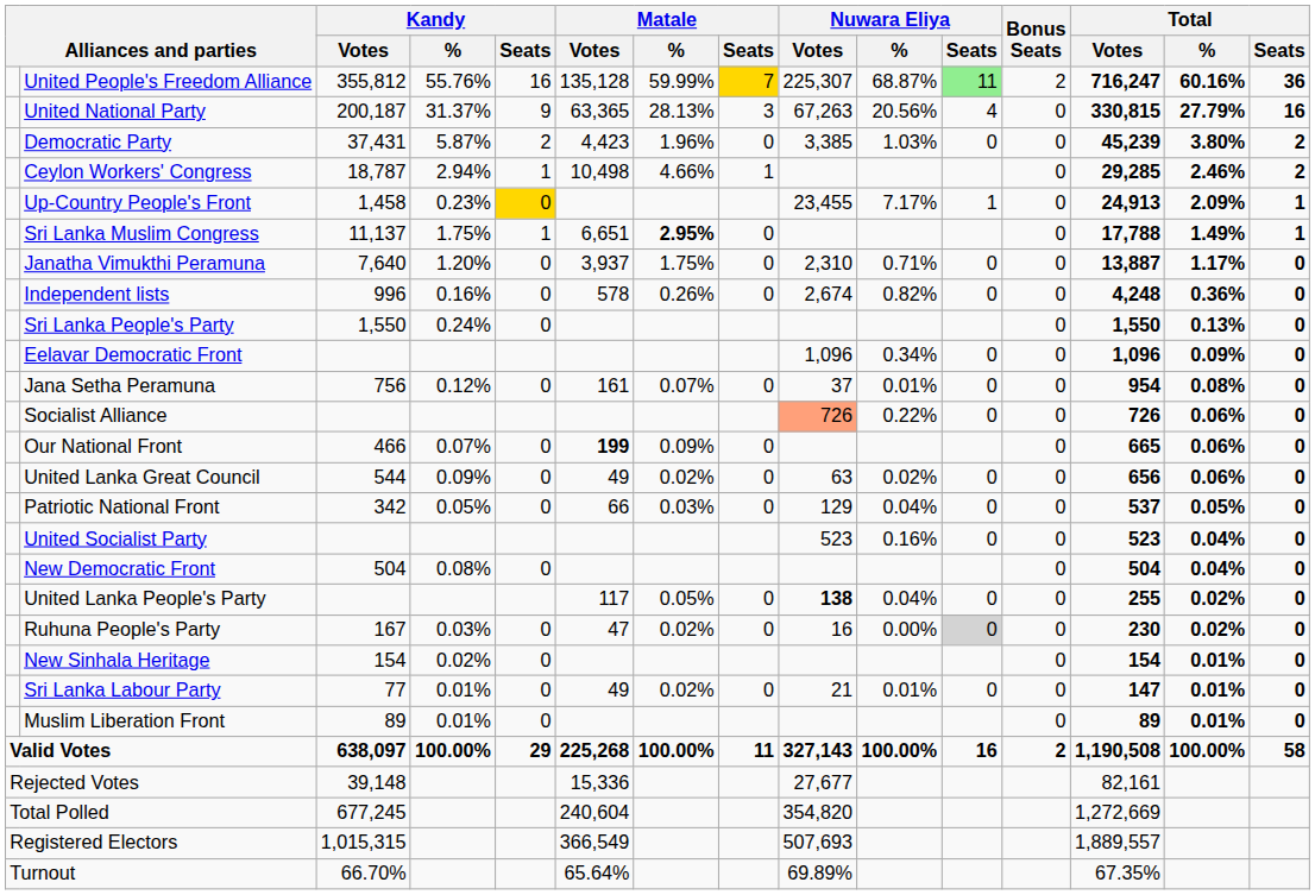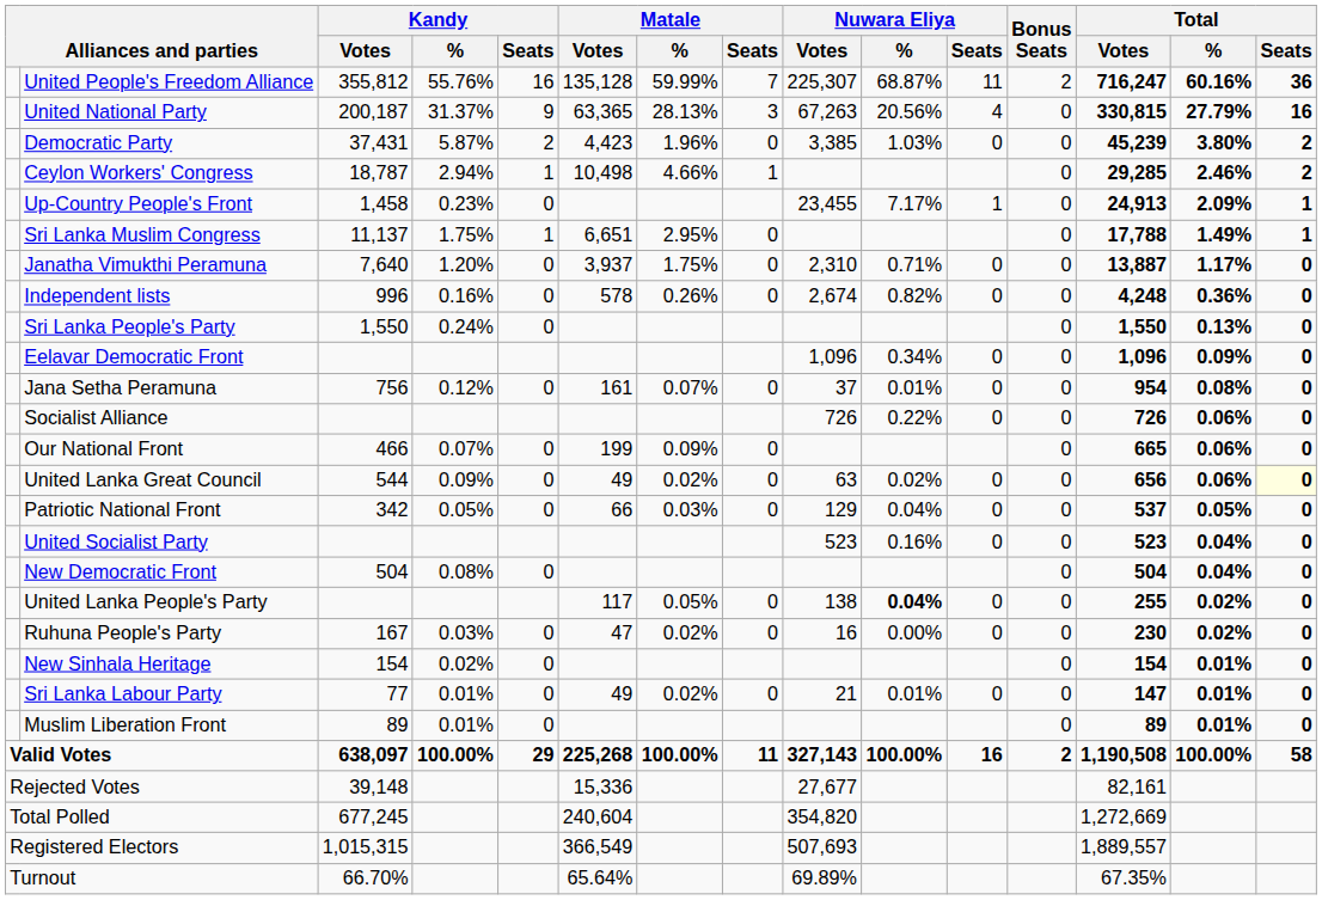 <table class="wikitable" border="1" style="text-align:right;">
 <tr>
 <th valign=bottom rowspan=2 colspan=2 width="200">Alliances and parties</th>
 <th colspan=3><a href='#'>Kandy</a></th>
 <th colspan=3><a href='#'>Matale</a></th>
 <th colspan=3><a href='#'>Nuwara Eliya</a></th>
 <th valign=bottom rowspan=2 width="40">Bonus<br>Seats</th>
 <th colspan=3>Total</th>
 </tr>
 <tr>
 <th align=center valign=bottom width="50">Votes</th>
 <th align=center valign=bottom width="50">%</th>
 <th align=center valign=bottom width="40">Seats</th>
 <th align=center valign=bottom width="50">Votes</th>
 <th align=center valign=bottom width="50">%</th>
 <th align=center valign=bottom width="40">Seats</th>
 <th align=center valign=bottom width="50">Votes</th>
 <th align=center valign=bottom width="50">%</th>
 <th align=center valign=bottom width="40">Seats</th>
 <th align=center valign=bottom width="50">Votes</th>
 <th align=center valign=bottom width="50">%</th>
 <th align=center valign=bottom width="40">Seats</th>
 </tr>
 <tr>
 <td bgcolor=> </td>
 <td align=left><a href='#'>United People's Freedom Alliance</a></td>
 <td>355,812</td>
 <td>55.76%</td>
 <td>16</td>
 <td>135,128</td>
 <td>59.99%</td>
-<td style="background: gold;">7</td>
+<td>7</td>
 <td>225,307</td>
 <td>68.87%</td>
-<td style="background: lightgreen;">11</td>
+<td>11</td>
 <td>2</td>
 <td><strong>716,247</strong></td>
 <td><strong>60.16%</strong></td>
 <td><strong>36</strong></td>
 </tr>
 <tr>
 <td bgcolor=> </td>
 <td align=left><a href='#'>United National Party</a></td>
 <td>200,187</td>
 <td>31.37%</td>
 <td>9</td>
 <td>63,365</td>
 <td>28.13%</td>
 <td>3</td>
 <td>67,263</td>
 <td>20.56%</td>
 <td>4</td>
 <td>0</td>
 <td><strong>330,815</strong></td>
 <td><strong>27.79%</strong></td>
 <td><strong>16</strong></td>
 </tr>
 <tr>
 <td bgcolor=> </td>
 <td align=left><a href='#'>Democratic Party</a></td>
 <td>37,431</td>
 <td>5.87%</td>
 <td>2</td>
 <td>4,423</td>
 <td>1.96%</td>
 <td>0</td>
 <td>3,385</td>
 <td>1.03%</td>
 <td>0</td>
 <td>0</td>
 <td><strong>45,239</strong></td>
 <td><strong>3.80%</strong></td>
 <td><strong>2</strong></td>
 </tr>
 <tr>
 <td bgcolor=> </td>
 <td align=left><a href='#'>Ceylon Workers' Congress</a></td>
 <td>18,787</td>
 <td>2.94%</td>
 <td>1</td>
 <td>10,498</td>
 <td>4.66%</td>
 <td>1</td>
 <td></td>
 <td></td>
 <td></td>
 <td>0</td>
 <td><strong>29,285</strong></td>
 <td><strong>2.46%</strong></td>
 <td><strong>2</strong></td>
 </tr>
 <tr>
 <td bgcolor=> </td>
 <td align=left><a href='#'>Up-Country People's Front</a></td>
 <td>1,458</td>
 <td>0.23%</td>
-<td style="background: gold;">0</td>
+<td>0</td>
 <td></td>
 <td></td>
 <td></td>
 <td>23,455</td>
 <td>7.17%</td>
 <td>1</td>
 <td>0</td>
 <td><strong>24,913</strong></td>
 <td><strong>2.09%</strong></td>
 <td><strong>1</strong></td>
 </tr>
 <tr>
 <td bgcolor=> </td>
 <td align=left><a href='#'>Sri Lanka Muslim Congress</a></td>
 <td>11,137</td>
 <td>1.75%</td>
 <td>1</td>
 <td>6,651</td>
-<td><strong>2.95%</strong></td>
+<td>2.95%</td>
 <td>0</td>
 <td></td>
 <td></td>
 <td></td>
 <td>0</td>
 <td><strong>17,788</strong></td>
 <td><strong>1.49%</strong></td>
 <td><strong>1</strong></td>
 </tr>
 <tr>
 <td bgcolor=> </td>
 <td align=left><a href='#'>Janatha Vimukthi Peramuna</a></td>
 <td>7,640</td>
 <td>1.20%</td>
 <td>0</td>
 <td>3,937</td>
 <td>1.75%</td>
 <td>0</td>
 <td>2,310</td>
 <td>0.71%</td>
 <td>0</td>
 <td>0</td>
 <td><strong>13,887</strong></td>
 <td><strong>1.17%</strong></td>
 <td><strong>0</strong></td>
 </tr>
 <tr>
 <td bgcolor=> </td>
 <td align=left><a href='#'>Independent lists</a></td>
 <td>996</td>
 <td>0.16%</td>
 <td>0</td>
 <td>578</td>
 <td>0.26%</td>
 <td>0</td>
 <td>2,674</td>
 <td>0.82%</td>
 <td>0</td>
 <td>0</td>
 <td><strong>4,248</strong></td>
 <td><strong>0.36%</strong></td>
 <td><strong>0</strong></td>
 </tr>
 <tr>
 <td></td>
 <td align=left><a href='#'>Sri Lanka People's Party</a></td>
 <td>1,550</td>
 <td>0.24%</td>
 <td>0</td>
 <td></td>
 <td></td>
 <td></td>
 <td></td>
 <td></td>
 <td></td>
 <td>0</td>
 <td><strong>1,550</strong></td>
 <td><strong>0.13%</strong></td>
 <td><strong>0</strong></td>
 </tr>
 <tr>
 <td bgcolor=> </td>
 <td align=left><a href='#'>Eelavar Democratic Front</a></td>
 <td></td>
 <td></td>
 <td></td>
 <td></td>
 <td></td>
 <td></td>
 <td>1,096</td>
 <td>0.34%</td>
 <td>0</td>
 <td>0</td>
 <td><strong>1,096</strong></td>
 <td><strong>0.09%</strong></td>
 <td><strong>0</strong></td>
 </tr>
 <tr>
 <td></td>
 <td align=left>Jana Setha Peramuna</td>
 <td>756</td>
 <td>0.12%</td>
 <td>0</td>
 <td>161</td>
 <td>0.07%</td>
 <td>0</td>
 <td>37</td>
 <td>0.01%</td>
 <td>0</td>
 <td>0</td>
 <td><strong>954</strong></td>
 <td><strong>0.08%</strong></td>
 <td><strong>0</strong></td>
 </tr>
 <tr>
 <td></td>
 <td align=left>Socialist Alliance</td>
 <td></td>
 <td></td>
 <td></td>
 <td></td>
 <td></td>
 <td></td>
-<td style="background: lightsalmon;">726</td>
+<td>726</td>
 <td>0.22%</td>
 <td>0</td>
 <td>0</td>
 <td><strong>726</strong></td>
 <td><strong>0.06%</strong></td>
 <td><strong>0</strong></td>
 </tr>
 <tr>
 <td></td>
 <td align=left>Our National Front</td>
 <td>466</td>
 <td>0.07%</td>
 <td>0</td>
-<td><strong>199</strong></td>
+<td>199</td>
 <td>0.09%</td>
 <td>0</td>
 <td></td>
 <td></td>
 <td></td>
 <td>0</td>
 <td><strong>665</strong></td>
 <td><strong>0.06%</strong></td>
 <td><strong>0</strong></td>
 </tr>
 <tr>
 <td></td>
 <td align=left>United Lanka Great Council</td>
 <td>544</td>
 <td>0.09%</td>
 <td>0</td>
 <td>49</td>
 <td>0.02%</td>
 <td>0</td>
 <td>63</td>
 <td>0.02%</td>
 <td>0</td>
 <td>0</td>
 <td><strong>656</strong></td>
 <td><strong>0.06%</strong></td>
-<td><strong>0</strong></td>
+<td style="background: lightyellow;"><strong>0</strong></td>
 </tr>
 <tr>
 <td></td>
 <td align=left>Patriotic National Front</td>
 <td>342</td>
 <td>0.05%</td>
 <td>0</td>
 <td>66</td>
 <td>0.03%</td>
 <td>0</td>
 <td>129</td>
 <td>0.04%</td>
 <td>0</td>
 <td>0</td>
 <td><strong>537</strong></td>
 <td><strong>0.05%</strong></td>
 <td><strong>0</strong></td>
 </tr>
 <tr>
 <td bgcolor=> </td>
 <td align=left><a href='#'>United Socialist Party</a></td>
 <td></td>
 <td></td>
 <td></td>
 <td></td>
 <td></td>
 <td></td>
 <td>523</td>
 <td>0.16%</td>
 <td>0</td>
 <td>0</td>
 <td><strong>523</strong></td>
 <td><strong>0.04%</strong></td>
 <td><strong>0</strong></td>
 </tr>
 <tr>
 <td></td>
 <td align=left><a href='#'>New Democratic Front</a></td>
 <td>504</td>
 <td>0.08%</td>
 <td>0</td>
 <td></td>
 <td></td>
 <td></td>
 <td></td>
 <td></td>
 <td></td>
 <td>0</td>
 <td><strong>504</strong></td>
 <td><strong>0.04%</strong></td>
 <td><strong>0</strong></td>
 </tr>
 <tr>
 <td></td>
 <td align=left>United Lanka People's Party</td>
 <td></td>
 <td></td>
 <td></td>
 <td>117</td>
 <td>0.05%</td>
 <td>0</td>
-<td><strong>138</strong></td>
-<td>0.04%</td>
+<td>138</td>
+<td><strong>0.04%</strong></td>
 <td>0</td>
 <td>0</td>
 <td><strong>255</strong></td>
 <td><strong>0.02%</strong></td>
 <td><strong>0</strong></td>
 </tr>
 <tr>
 <td></td>
 <td align=left>Ruhuna People's Party</td>
 <td>167</td>
 <td>0.03%</td>
 <td>0</td>
 <td>47</td>
 <td>0.02%</td>
 <td>0</td>
 <td>16</td>
 <td>0.00%</td>
-<td style="background: lightgrey;">0</td>
+<td>0</td>
 <td>0</td>
 <td><strong>230</strong></td>
 <td><strong>0.02%</strong></td>
 <td><strong>0</strong></td>
 </tr>
 <tr>
 <td></td>
 <td align=left><a href='#'>New Sinhala Heritage</a></td>
 <td>154</td>
 <td>0.02%</td>
 <td>0</td>
 <td></td>
 <td></td>
 <td></td>
 <td></td>
 <td></td>
 <td></td>
 <td>0</td>
 <td><strong>154</strong></td>
 <td><strong>0.01%</strong></td>
 <td><strong>0</strong></td>
 </tr>
 <tr>
 <td></td>
 <td align=left><a href='#'>Sri Lanka Labour Party</a></td>
 <td>77</td>
 <td>0.01%</td>
 <td>0</td>
 <td>49</td>
 <td>0.02%</td>
 <td>0</td>
 <td>21</td>
 <td>0.01%</td>
 <td>0</td>
 <td>0</td>
 <td><strong>147</strong></td>
 <td><strong>0.01%</strong></td>
 <td><strong>0</strong></td>
 </tr>
 <tr>
 <td></td>
 <td align=left>Muslim Liberation Front</td>
 <td>89</td>
 <td>0.01%</td>
 <td>0</td>
 <td></td>
 <td></td>
 <td></td>
 <td></td>
 <td></td>
 <td></td>
 <td>0</td>
 <td><strong>89</strong></td>
 <td><strong>0.01%</strong></td>
 <td><strong>0</strong></td>
 </tr>
 <tr style="font-weight:bold">
 <td colspan=2 align=left>Valid Votes</td>
 <td>638,097</td>
 <td>100.00%</td>
 <td>29</td>
 <td>225,268</td>
 <td>100.00%</td>
 <td>11</td>
 <td>327,143</td>
 <td>100.00%</td>
 <td>16</td>
 <td>2</td>
 <td>1,190,508</td>
 <td>100.00%</td>
 <td>58</td>
 </tr>
 <tr>
 <td colspan=2 align=left>Rejected Votes</td>
 <td>39,148</td>
 <td></td>
 <td></td>
 <td>15,336</td>
 <td></td>
 <td></td>
 <td>27,677</td>
 <td></td>
 <td></td>
 <td></td>
 <td>82,161</td>
 <td></td>
 <td></td>
 </tr>
 <tr>
 <td colspan=2 align=left>Total Polled</td>
 <td>677,245</td>
 <td></td>
 <td></td>
 <td>240,604</td>
 <td></td>
 <td></td>
 <td>354,820</td>
 <td></td>
 <td></td>
 <td></td>
 <td>1,272,669</td>
 <td></td>
 <td></td>
 </tr>
 <tr>
 <td colspan=2 align=left>Registered Electors</td>
 <td>1,015,315</td>
 <td></td>
 <td></td>
 <td>366,549</td>
 <td></td>
 <td></td>
 <td>507,693</td>
 <td></td>
 <td></td>
 <td></td>
 <td>1,889,557</td>
 <td></td>
 <td></td>
 </tr>
 <tr>
 <td colspan=2 align=left>Turnout</td>
 <td>66.70%</td>
 <td></td>
 <td></td>
 <td>65.64%</td>
 <td></td>
 <td></td>
 <td>69.89%</td>
 <td></td>
 <td></td>
 <td></td>
 <td>67.35%</td>
 <td></td>
 <td></td>
 </tr>
 </table>
